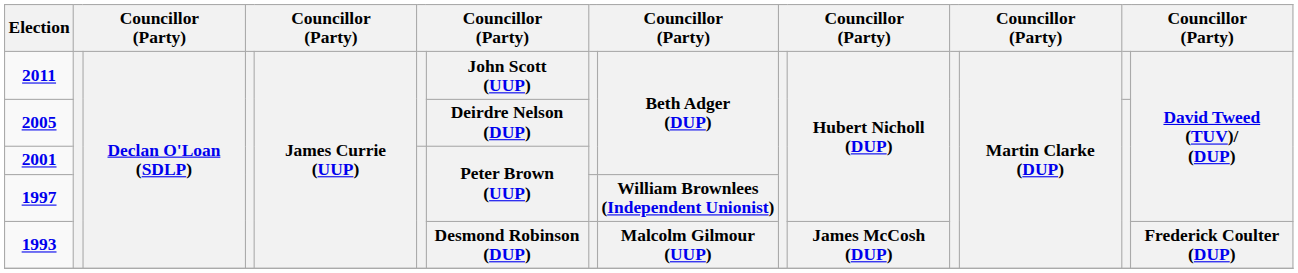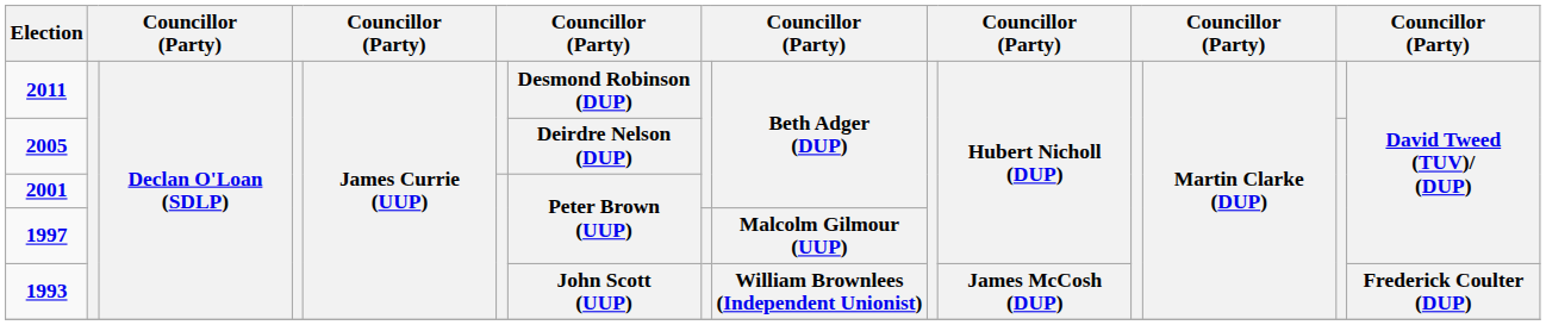 <table class="wikitable" style="text-align:center">
 <tr>
 <th scope="col" width="50">Election</th>
 <th scope="col" width="150" colspan = "2">Councillor<br> (Party)</th>
 <th scope="col" width="150" colspan = "2">Councillor<br> (Party)</th>
 <th scope="col" width="150" colspan = "2">Councillor<br> (Party)</th>
 <th scope="col" width="150" colspan = "2">Councillor<br> (Party)</th>
 <th scope="col" width="150" colspan = "2">Councillor<br> (Party)</th>
 <th scope="col" width="150" colspan = "2">Councillor<br> (Party)</th>
 <th scope="col" width="150" colspan = "2">Councillor<br> (Party)</th>
 </tr>
 <tr>
 <td><strong><a href='#'>2011</a></strong></td>
 <th rowspan="5" width="1" style="background-color: "></th>
 <th rowspan = "5"><a href='#'>Declan O'Loan</a> <br> (<a href='#'>SDLP</a>)</th>
 <th rowspan="5" width="1" style="background-color: "></th>
 <th rowspan = "5">James Currie <br> (<a href='#'>UUP</a>)</th>
 <th rowspan="2" width="1" style="background-color: "></th>
-<th rowspan = "1">John Scott <br> (<a href='#'>UUP</a>)</th>
+<th rowspan = "1">Desmond Robinson <br> (<a href='#'>DUP</a>)</th>
 <th rowspan="3" width="1" style="background-color: "></th>
 <th rowspan = "3">Beth Adger <br> (<a href='#'>DUP</a>)</th>
 <th rowspan="5" width="1" style="background-color: "></th>
 <th rowspan = "4">Hubert Nicholl <br> (<a href='#'>DUP</a>)</th>
 <th rowspan="5" width="1" style="background-color: "></th>
 <th rowspan = "5">Martin Clarke <br> (<a href='#'>DUP</a>)</th>
 <th rowspan="1" width="1" style="background-color: "></th>
 <th rowspan = "4"><a href='#'>David Tweed</a> <br> (<a href='#'>TUV</a>)/ <br> (<a href='#'>DUP</a>)</th>
 </tr>
 <tr>
 <td><strong><a href='#'>2005</a></strong></td>
 <th rowspan = "1">Deirdre Nelson <br> (<a href='#'>DUP</a>)</th>
 <th rowspan="4" width="1" style="background-color: "></th>
 </tr>
 <tr>
 <td><strong><a href='#'>2001</a></strong></td>
 <th rowspan="3" width="1" style="background-color: "></th>
 <th rowspan = "2">Peter Brown <br> (<a href='#'>UUP</a>)</th>
 </tr>
 <tr>
 <td><strong><a href='#'>1997</a></strong></td>
 <th rowspan="1" width="1" style="background-color: "></th>
-<th rowspan = "1">William Brownlees <br> (<a href='#'>Independent Unionist</a>)</th>
+<th rowspan = "1">Malcolm Gilmour <br> (<a href='#'>UUP</a>)</th>
 </tr>
 <tr>
 <td><strong><a href='#'>1993</a></strong></td>
-<th rowspan = "1">Desmond Robinson <br> (<a href='#'>DUP</a>)</th>
+<th rowspan = "1">John Scott <br> (<a href='#'>UUP</a>)</th>
 <th rowspan="1" width="1" style="background-color: "></th>
-<th rowspan = "1">Malcolm Gilmour <br> (<a href='#'>UUP</a>)</th>
+<th rowspan = "1">William Brownlees <br> (<a href='#'>Independent Unionist</a>)</th>
 <th rowspan = "1">James McCosh <br> (<a href='#'>DUP</a>)</th>
 <th rowspan = "1">Frederick Coulter <br> (<a href='#'>DUP</a>)</th>
 </tr>
 <tr>
 </tr>
 </table>
